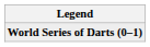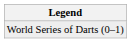 <table class="wikitable">
 <tr>
 <th>Legend</th>
 </tr>
 <tr style="background:#eeeeee;">
-<td><strong>World Series of Darts (0–1)</strong></td>
+<td>World Series of Darts (0–1)</td>
 </tr>
 </table>
